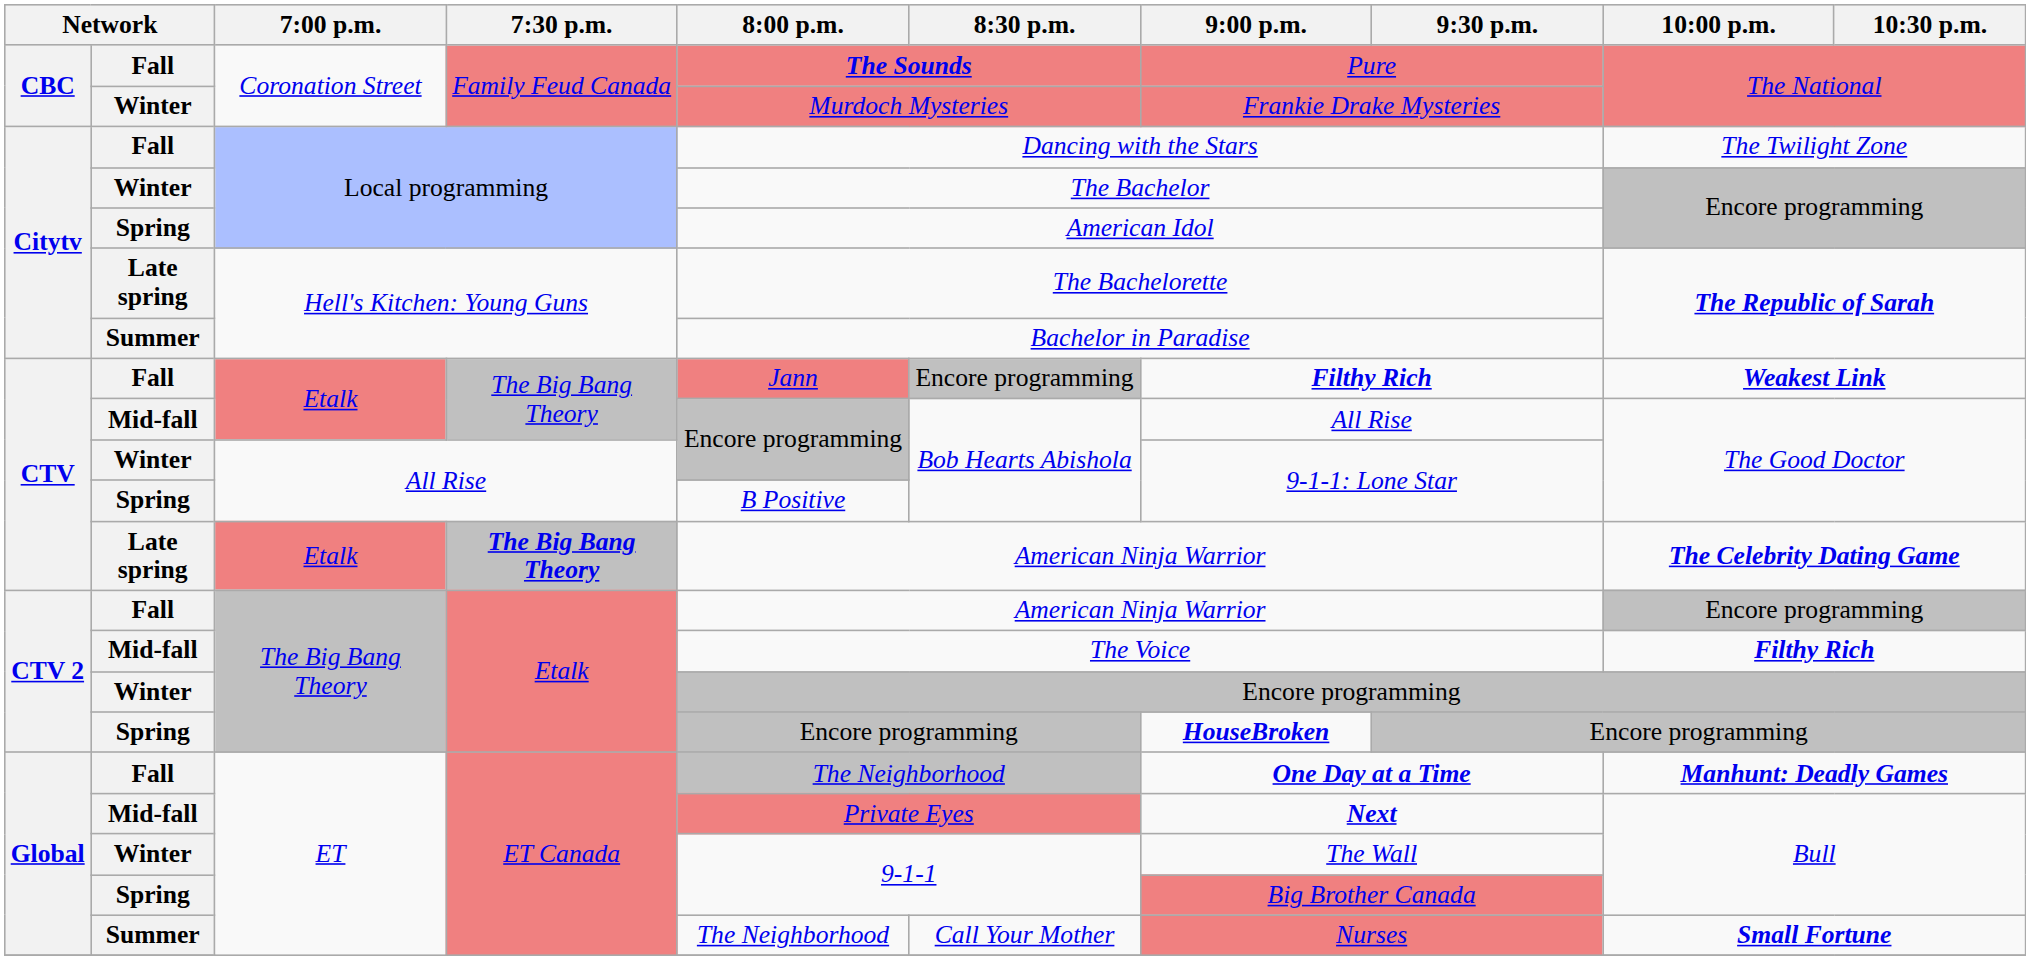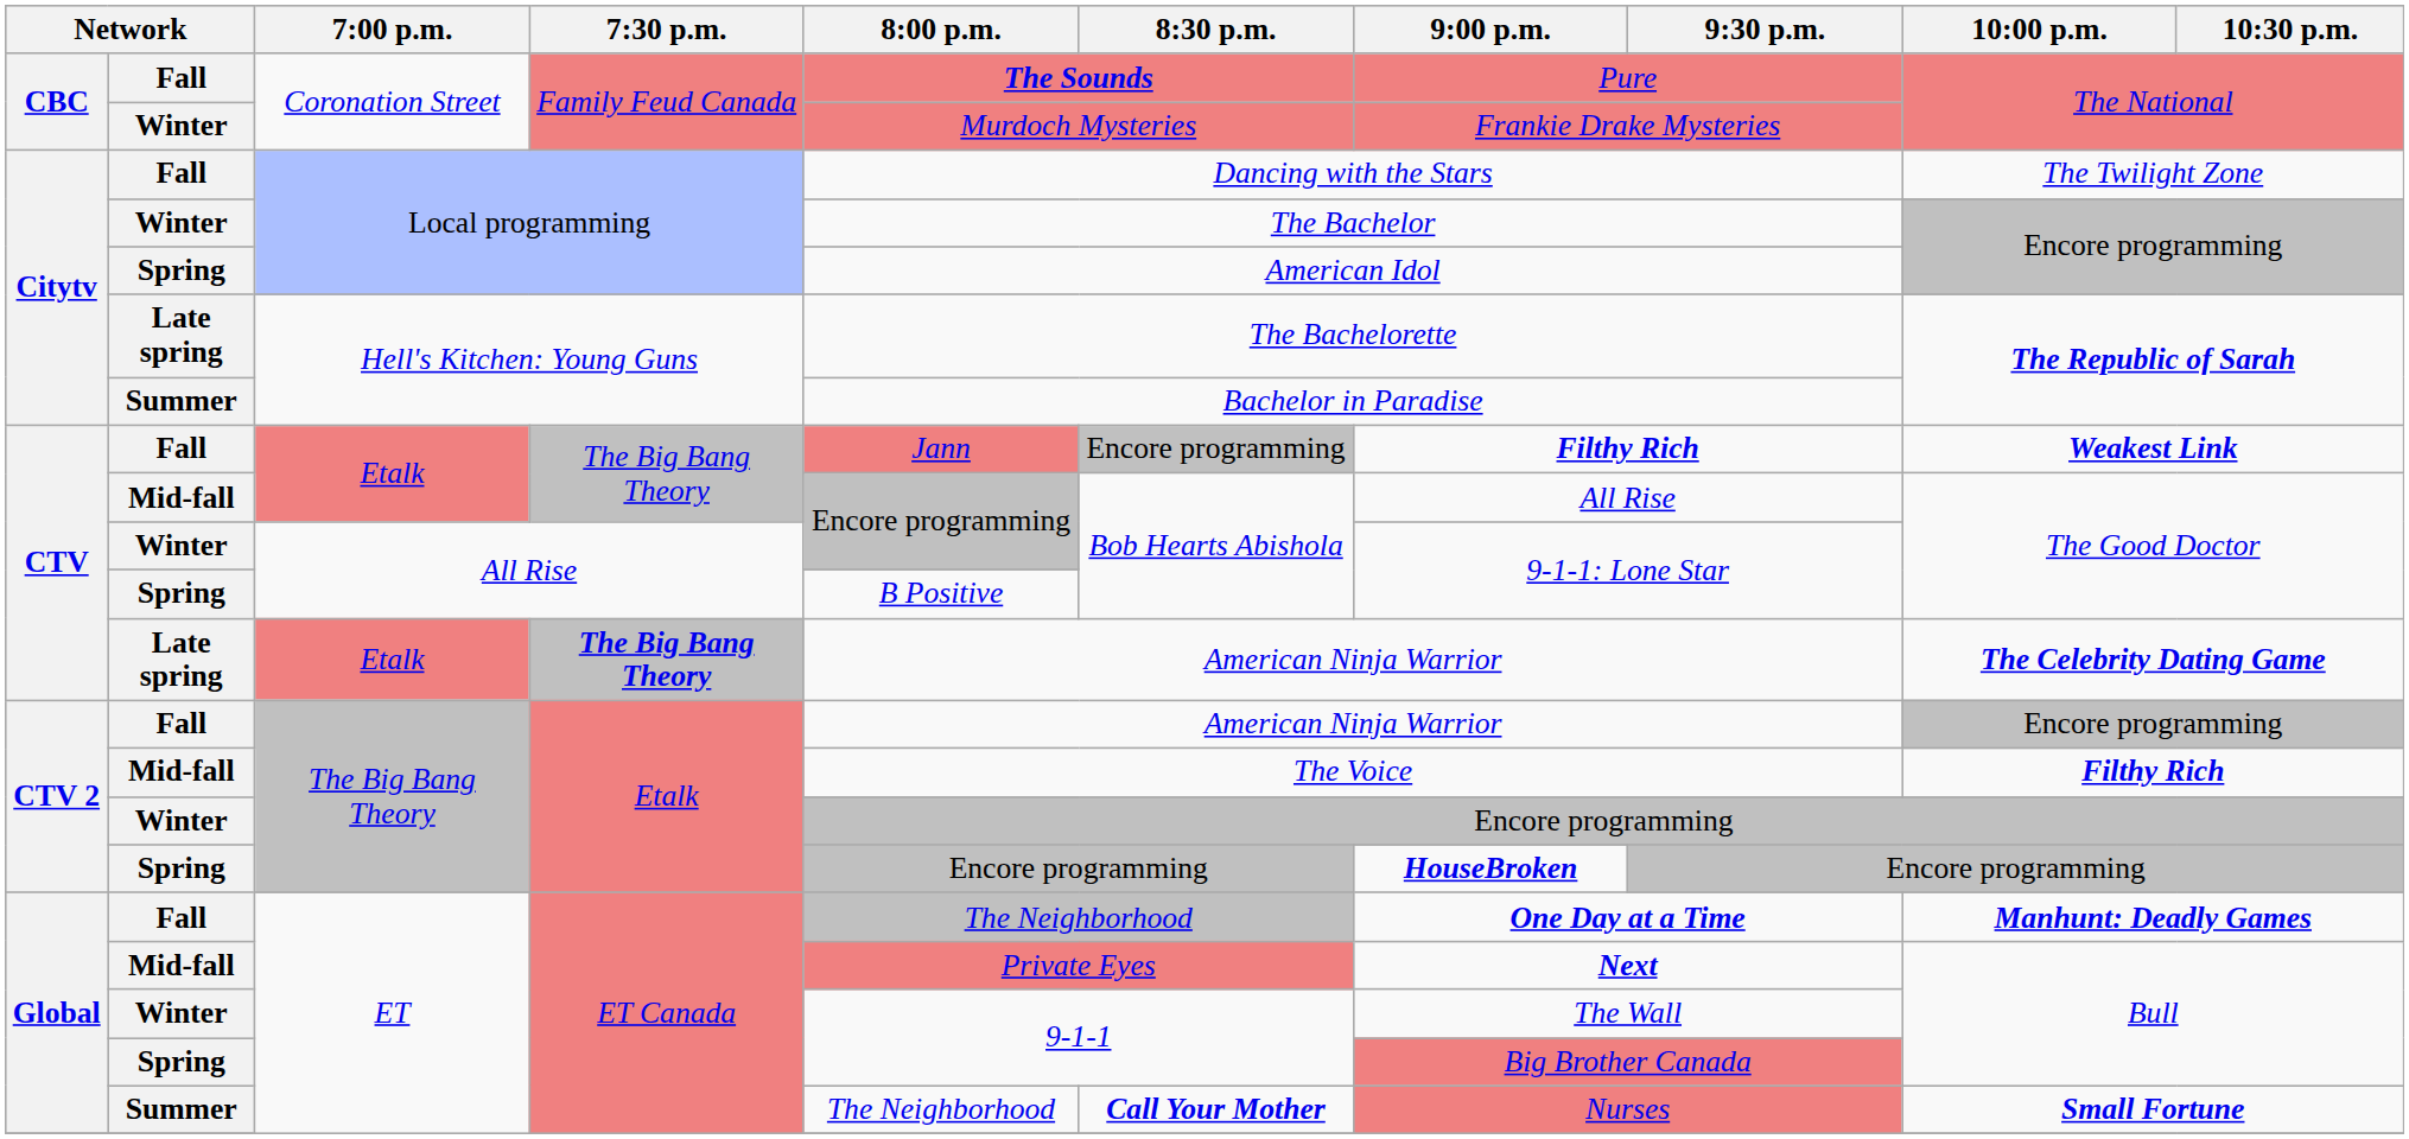 <table class=wikitable style=width:100%;margin-right:0;text-align:center>
 <tr>
 <th style=width:10% colspan=2>Network</th>
 <th style=width:11.5%>7:00 p.m.</th>
 <th style=width:11.5%>7:30 p.m.</th>
 <th style=width:11.5%>8:00 p.m.</th>
 <th style=width:11.5%>8:30 p.m.</th>
 <th style=width:11.5%>9:00 p.m.</th>
 <th style=width:11.5%>9:30 p.m.</th>
 <th style=width:11.5%>10:00 p.m.</th>
 <th style=width:11.5%>10:30 p.m.</th>
 </tr>
 <tr>
 <th rowspan=2><a href='#'>CBC</a></th>
 <th>Fall</th>
 <td rowspan=2><em><a href='#'>Coronation Street</a></em></td>
 <td style=background:#f08080 rowspan=2><em><a href='#'>Family Feud Canada</a></em></td>
 <td style=background:#f08080 colspan=2><strong><em><a href='#'>The Sounds</a></em></strong></td>
 <td style=background:#f08080 colspan=2><em><a href='#'>Pure</a></em></td>
 <td style=background:#f08080 colspan=2 rowspan=2><em><a href='#'>The National</a></em></td>
 </tr>
 <tr>
 <th>Winter</th>
 <td style=background:#f08080 colspan=2><em><a href='#'>Murdoch Mysteries</a></em></td>
 <td style=background:#f08080 colspan=2><em><a href='#'>Frankie Drake Mysteries</a></em></td>
 </tr>
 <tr>
 <th rowspan="5"><a href='#'>Citytv</a></th>
 <th>Fall</th>
 <td rowspan="3" style=background:#abbfff colspan="2">Local programming</td>
 <td colspan="4"><em><a href='#'>Dancing with the Stars</a></em></td>
 <td colspan="2"><em><a href='#'>The Twilight Zone</a></em></td>
 </tr>
 <tr>
 <th>Winter</th>
 <td colspan="4"><em><a href='#'>The Bachelor</a></em></td>
 <td colspan="2" rowspan="2" style="background:#C0C0C0">Encore programming</td>
 </tr>
 <tr>
 <th>Spring</th>
 <td colspan="4"><em><a href='#'>American Idol</a></em></td>
 </tr>
 <tr>
 <th>Late spring</th>
 <td rowspan="2" colspan="2"><em><a href='#'>Hell's Kitchen: Young Guns</a></em></td>
 <td colspan="4"><em><a href='#'>The Bachelorette</a></em></td>
 <td rowspan="2" colspan="2"><strong><em><a href='#'>The Republic of Sarah</a></em></strong></td>
 </tr>
 <tr>
 <th>Summer</th>
 <td colspan="4"><em><a href='#'>Bachelor in Paradise</a></em></td>
 </tr>
 <tr>
 <th rowspan="5"><a href='#'>CTV</a></th>
 <th>Fall</th>
 <td rowspan=2 style=background:#f08080><em><a href='#'>Etalk</a></em></td>
 <td rowspan=2 style=background:#C0C0C0><em><a href='#'>The Big Bang Theory</a></em> </td>
 <td style=background:#f08080><em><a href='#'>Jann</a></em></td>
 <td style=background:#C0C0C0>Encore programming</td>
 <td colspan="2"><strong><em><a href='#'>Filthy Rich</a></em></strong></td>
 <td colspan="2"><strong><em><a href='#'>Weakest Link</a></em></strong></td>
 </tr>
 <tr>
 <th>Mid-fall</th>
 <td rowspan="2" style=background:#C0C0C0>Encore programming</td>
 <td rowspan="3"><em><a href='#'>Bob Hearts Abishola</a></em></td>
 <td colspan="2"><em><a href='#'>All Rise</a></em></td>
 <td rowspan="3" colspan="2"><em><a href='#'>The Good Doctor</a></em></td>
 </tr>
 <tr>
 <th>Winter</th>
 <td rowspan="2" colspan="2"><em><a href='#'>All Rise</a></em></td>
 <td rowspan="2" colspan="2"><em><a href='#'>9-1-1: Lone Star</a></em></td>
 </tr>
 <tr>
 <th>Spring</th>
 <td><em><a href='#'>B Positive</a></em></td>
 </tr>
 <tr>
 <th>Late spring</th>
 <td style=background:#f08080><em><a href='#'>Etalk</a></em></td>
 <td style=background:#C0C0C0><strong><em><a href='#'>The Big Bang Theory</a></em> </strong></td>
 <td colspan=4><em><a href='#'>American Ninja Warrior</a></em></td>
 <td colspan=2><strong><em><a href='#'>The Celebrity Dating Game</a></em></strong></td>
 </tr>
 <tr>
 <th rowspan="4"><a href='#'>CTV 2</a></th>
 <th>Fall</th>
 <td style=background:#C0C0C0 rowspan="4"><em><a href='#'>The Big Bang Theory</a></em> </td>
 <td style=background:#f08080 rowspan="4"><em><a href='#'>Etalk</a></em></td>
 <td colspan="4"><em><a href='#'>American Ninja Warrior</a></em></td>
 <td colspan="2" style=background:#C0C0C0>Encore programming</td>
 </tr>
 <tr>
 <th>Mid-fall</th>
 <td colspan="4"><em><a href='#'>The Voice</a></em></td>
 <td colspan="2"><strong><em><a href='#'>Filthy Rich</a></em></strong></td>
 </tr>
 <tr>
 <th>Winter</th>
 <td colspan="6" style=background:#C0C0C0>Encore programming</td>
 </tr>
 <tr>
 <th>Spring</th>
 <td colspan="2" style=background:#C0C0C0>Encore programming</td>
 <td><strong><em><a href='#'>HouseBroken</a></em></strong></td>
 <td colspan="5" style=background:#C0C0C0>Encore programming</td>
 </tr>
 <tr>
 <th rowspan=5><a href='#'>Global</a></th>
 <th>Fall</th>
 <td rowspan=6><em><a href='#'>ET</a></em></td>
 <td style=background:#f08080 rowspan=6><em><a href='#'>ET Canada</a></em></td>
 <td style=background:#C0C0C0 colspan=2><em><a href='#'>The Neighborhood</a></em> </td>
 <td colspan=2><strong><em><a href='#'>One Day at a Time</a></em></strong></td>
 <td colspan=2><strong><em><a href='#'>Manhunt: Deadly Games</a></em></strong></td>
 </tr>
 <tr>
 <th>Mid-fall</th>
 <td style=background:#f08080 colspan=2><em><a href='#'>Private Eyes</a></em></td>
 <td colspan=2><strong><em><a href='#'>Next</a></em></strong></td>
 <td colspan=2 rowspan=3><em><a href='#'>Bull</a></em></td>
 </tr>
 <tr>
 <th>Winter</th>
 <td rowspan=2 colspan=2><em><a href='#'>9-1-1</a></em></td>
 <td colspan=2><em><a href='#'>The Wall</a></em></td>
 </tr>
 <tr>
 <th>Spring</th>
 <td style=background:#f08080 colspan=2><em><a href='#'>Big Brother Canada</a></em></td>
 </tr>
 <tr>
 <th>Summer</th>
 <td><em><a href='#'>The Neighborhood</a></em></td>
-<td><em><a href='#'>Call Your Mother</a></em></td>
+<td><strong><em><a href='#'>Call Your Mother</a></em></strong></td>
 <td style=background:#f08080 rowspan=2 colspan=2><em><a href='#'>Nurses</a></em></td>
 <td colspan=2><strong><em><a href='#'>Small Fortune</a></em></strong></td>
 </tr>
 <tr>
 </tr>
 </table>
